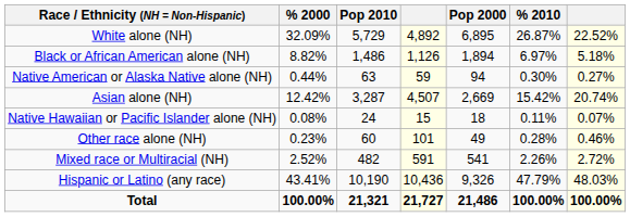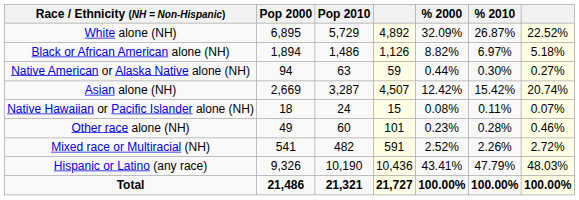 <table class="wikitable" style="text-align:center;">
 <tr>
 <th>Race / Ethnicity <small>(<em>NH = Non-Hispanic</em>)</small></th>
-<th>% 2000</th>
+<th>Pop 2000</th>
 <th>Pop 2010</th>
 <th></th>
-<th>Pop 2000</th>
+<th>% 2000</th>
 <th>% 2010</th>
 <th></th>
 </tr>
 <tr>
 <td><a href='#'>White</a> alone (NH)</td>
-<td>32.09%</td>
+<td>6,895</td>
 <td>5,729</td>
 <td style='background: #ffffe6;'>4,892</td>
-<td>6,895</td>
+<td>32.09%</td>
 <td>26.87%</td>
 <td style='background: #ffffe6;'>22.52%</td>
 </tr>
 <tr>
 <td><a href='#'>Black or African American</a> alone (NH)</td>
-<td>8.82%</td>
+<td>1,894</td>
 <td>1,486</td>
 <td style='background: #ffffe6;'>1,126</td>
-<td>1,894</td>
+<td>8.82%</td>
 <td>6.97%</td>
 <td style='background: #ffffe6;'>5.18%</td>
 </tr>
 <tr>
 <td><a href='#'>Native American</a> or <a href='#'>Alaska Native</a> alone (NH)</td>
-<td>0.44%</td>
+<td>94</td>
 <td>63</td>
 <td style='background: #ffffe6;'>59</td>
-<td>94</td>
+<td>0.44%</td>
 <td>0.30%</td>
 <td style='background: #ffffe6;'>0.27%</td>
 </tr>
 <tr>
 <td><a href='#'>Asian</a> alone (NH)</td>
-<td>12.42%</td>
+<td>2,669</td>
 <td>3,287</td>
 <td style='background: #ffffe6;'>4,507</td>
-<td>2,669</td>
+<td>12.42%</td>
 <td>15.42%</td>
 <td style='background: #ffffe6;'>20.74%</td>
 </tr>
 <tr>
 <td><a href='#'>Native Hawaiian</a> or <a href='#'>Pacific Islander</a> alone (NH)</td>
-<td>0.08%</td>
+<td>18</td>
 <td>24</td>
 <td style='background: #ffffe6;'>15</td>
-<td>18</td>
+<td>0.08%</td>
 <td>0.11%</td>
 <td style='background: #ffffe6;'>0.07%</td>
 </tr>
 <tr>
 <td><a href='#'>Other race</a> alone (NH)</td>
-<td>0.23%</td>
+<td>49</td>
 <td>60</td>
 <td style='background: #ffffe6;'>101</td>
-<td>49</td>
+<td>0.23%</td>
 <td>0.28%</td>
 <td style='background: #ffffe6;'>0.46%</td>
 </tr>
 <tr>
 <td><a href='#'>Mixed race or Multiracial</a> (NH)</td>
-<td>2.52%</td>
+<td>541</td>
 <td>482</td>
 <td style='background: #ffffe6;'>591</td>
-<td>541</td>
+<td>2.52%</td>
 <td>2.26%</td>
 <td style='background: #ffffe6;'>2.72%</td>
 </tr>
 <tr>
 <td><a href='#'>Hispanic or Latino</a> (any race)</td>
-<td>43.41%</td>
+<td>9,326</td>
 <td>10,190</td>
 <td style='background: #ffffe6;'>10,436</td>
-<td>9,326</td>
+<td>43.41%</td>
 <td>47.79%</td>
 <td style='background: #ffffe6;'>48.03%</td>
 </tr>
 <tr>
 <td><strong>Total</strong></td>
-<td><strong>100.00%</strong></td>
+<td><strong>21,486</strong></td>
 <td><strong>21,321</strong></td>
 <td style='background: #ffffe6;'><strong>21,727</strong></td>
-<td><strong>21,486</strong></td>
+<td><strong>100.00%</strong></td>
 <td><strong>100.00%</strong></td>
 <td style='background: #ffffe6;'><strong>100.00%</strong></td>
 </tr>
 </table>
